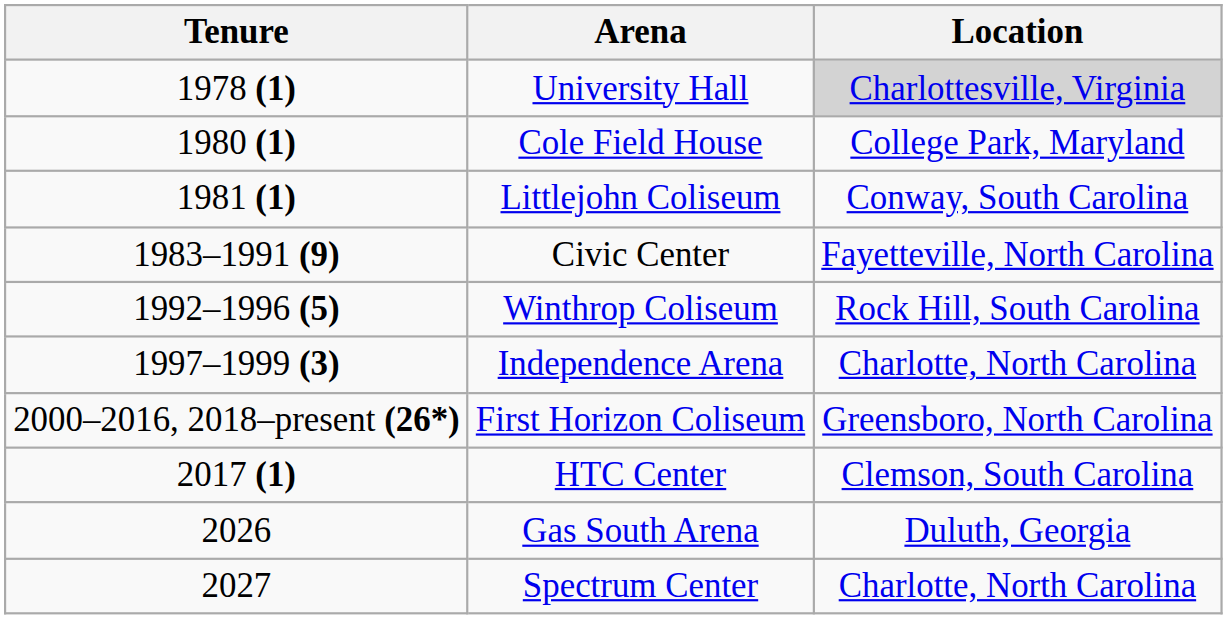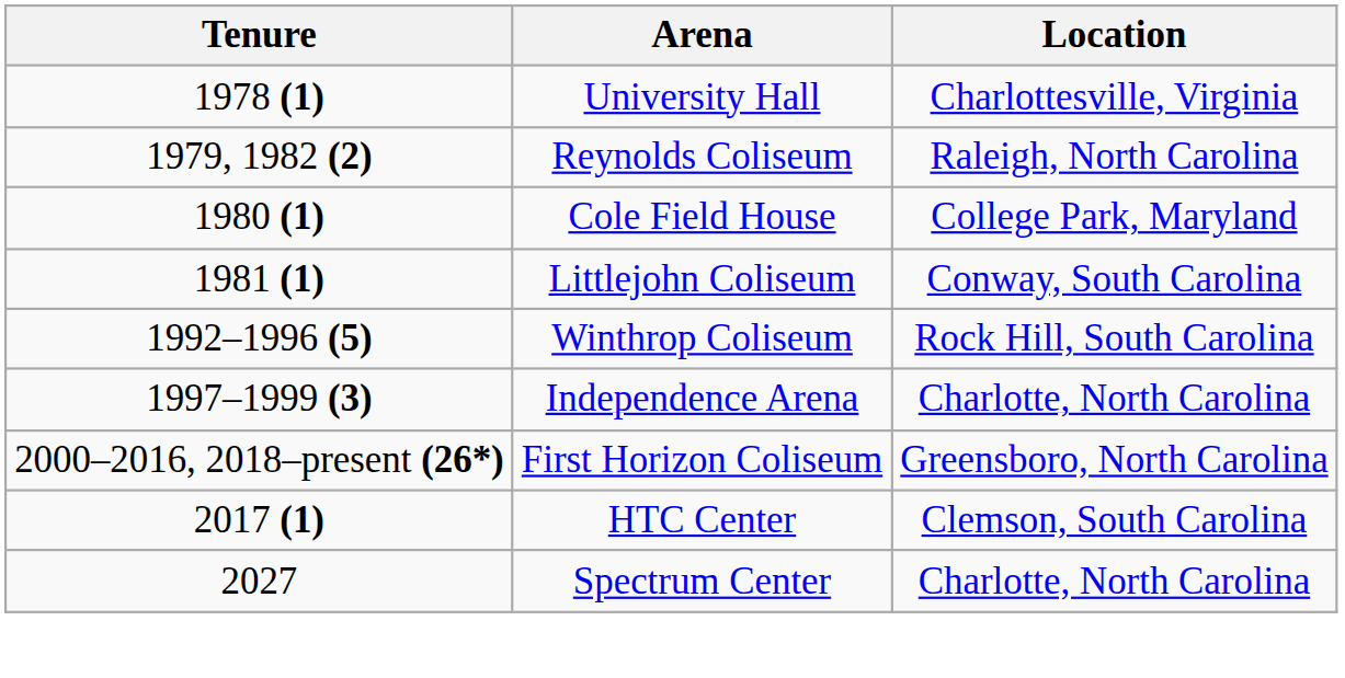 <table class="wikitable sortable" style="text-align:center">
 <tr>
 <th width=px>Tenure</th>
 <th width=px>Arena</th>
 <th width=px>Location</th>
 </tr>
 <tr>
 <td>1978 <strong>(1)</strong></td>
 <td><a href='#'>University Hall</a></td>
-<td style="background: lightgrey;"><a href='#'>Charlottesville, Virginia</a></td>
+<td><a href='#'>Charlottesville, Virginia</a></td>
+</tr>
+<tr>
+<td>1979, 1982 <strong>(2)</strong></td>
+<td><a href='#'>Reynolds Coliseum</a></td>
+<td><a href='#'>Raleigh, North Carolina</a></td>
 </tr>
 <tr>
 <td>1980 <strong>(1)</strong></td>
 <td><a href='#'>Cole Field House</a></td>
 <td><a href='#'>College Park, Maryland</a></td>
 </tr>
 <tr>
 <td>1981 <strong>(1)</strong></td>
 <td><a href='#'>Littlejohn Coliseum</a></td>
 <td><a href='#'>Conway, South Carolina</a></td>
-</tr>
-<tr>
-<td>1983–1991 <strong>(9)</strong></td>
-<td>Civic Center</td>
-<td><a href='#'>Fayetteville, North Carolina</a></td>
 </tr>
 <tr>
 <td>1992–1996 <strong>(5)</strong></td>
 <td><a href='#'>Winthrop Coliseum</a></td>
 <td><a href='#'>Rock Hill, South Carolina</a></td>
 </tr>
 <tr>
 <td>1997–1999 <strong>(3)</strong></td>
 <td><a href='#'>Independence Arena</a></td>
 <td><a href='#'>Charlotte, North Carolina</a></td>
 </tr>
 <tr>
 <td>2000–2016, 2018–present <strong>(26*)</strong></td>
 <td><a href='#'>First Horizon Coliseum</a></td>
 <td><a href='#'>Greensboro, North Carolina</a></td>
 </tr>
 <tr>
 <td>2017 <strong>(1)</strong></td>
 <td><a href='#'>HTC Center</a></td>
 <td><a href='#'>Clemson, South Carolina</a></td>
 </tr>
 <tr>
-<td>2026</td>
-<td><a href='#'>Gas South Arena</a></td>
-<td><a href='#'>Duluth, Georgia</a></td>
-</tr>
-<tr>
 <td>2027</td>
 <td><a href='#'>Spectrum Center</a></td>
 <td><a href='#'>Charlotte, North Carolina</a></td>
 </tr>
 </table>
